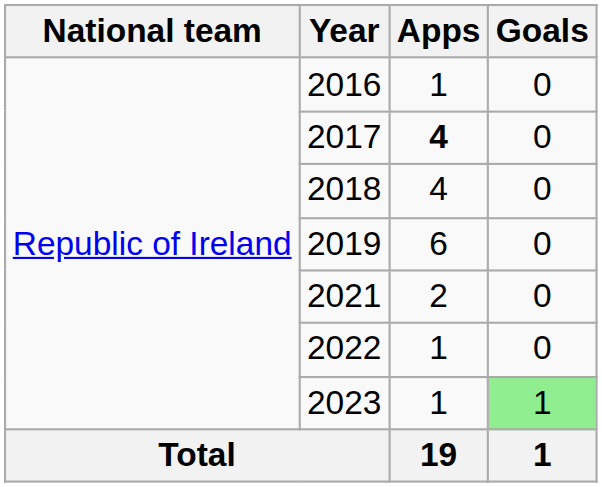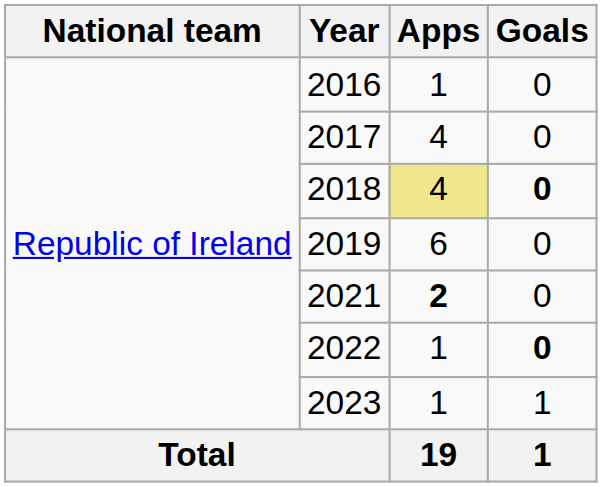 <table class="sortable wikitable" style="text-align:center">
 <tr>
 <th scope="col">National team</th>
 <th scope="col">Year</th>
 <th !scope="col">Apps</th>
 <th !scope="col">Goals</th>
 </tr>
 <tr>
 <td rowspan="7"><a href='#'>Republic of Ireland</a></td>
 <td scope="row">2016</td>
 <td>1</td>
 <td>0</td>
 </tr>
 <tr>
 <td scope="row">2017</td>
-<td><strong>4</strong></td>
+<td>4</td>
 <td>0</td>
 </tr>
 <tr>
 <td scope="row">2018</td>
-<td>4</td>
-<td>0</td>
+<td style="background: khaki;">4</td>
+<td><strong>0</strong></td>
 </tr>
 <tr>
 <td scope="row">2019</td>
 <td>6</td>
 <td>0</td>
 </tr>
 <tr>
 <td scope="row">2021</td>
-<td>2</td>
+<td><strong>2</strong></td>
 <td>0</td>
 </tr>
 <tr>
 <td scope="row">2022</td>
 <td>1</td>
-<td>0</td>
+<td><strong>0</strong></td>
 </tr>
 <tr>
 <td scope="row">2023</td>
 <td>1</td>
-<td style="background: lightgreen;">1</td>
+<td>1</td>
 </tr>
 <tr>
 <th colspan="2">Total</th>
 <th>19</th>
 <th>1</th>
 </tr>
 </table>
